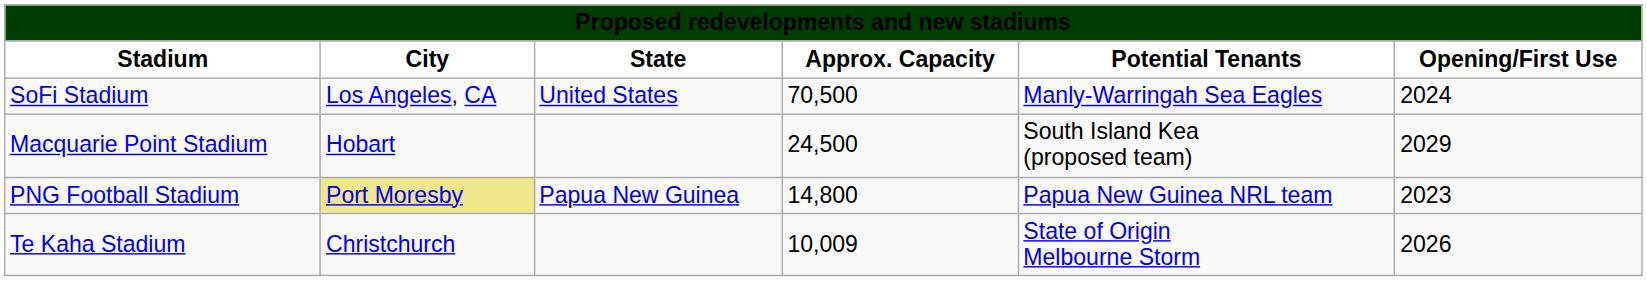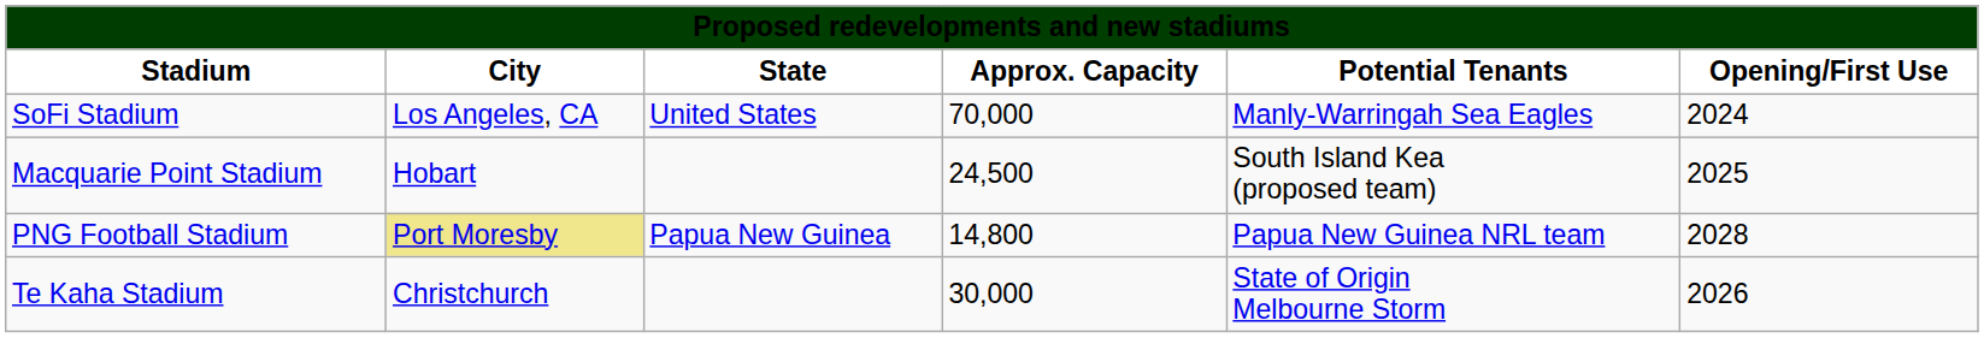 <table class="wikitable" style="width: 90%">
 <tr>
 <td bgcolor=#003D01 align="center" colspan="7"><strong><span>Proposed redevelopments and new stadiums</span></strong></td>
 </tr>
 <tr>
 <th style="background:white">Stadium</th>
 <th style="background:white">City</th>
 <th style="background:white">State</th>
 <th style="background:white">Approx. Capacity</th>
 <th style="background:white">Potential Tenants</th>
 <th style="background:white">Opening/First Use</th>
 </tr>
 <tr>
 <td><a href='#'>SoFi Stadium</a></td>
 <td><a href='#'>Los Angeles</a>, <a href='#'>CA</a></td>
 <td> <a href='#'>United States</a></td>
-<td>70,500</td>
+<td>70,000</td>
 <td> <a href='#'>Manly-Warringah Sea Eagles</a></td>
 <td>2024</td>
 </tr>
 <tr>
 <td><a href='#'>Macquarie Point Stadium</a></td>
 <td><a href='#'>Hobart</a></td>
 <td></td>
 <td>24,500</td>
 <td> South Island Kea<br>(proposed team)</td>
-<td>2029</td>
+<td>2025</td>
 </tr>
 <tr>
 <td><a href='#'>PNG Football Stadium</a></td>
 <td style="background: khaki;"><a href='#'>Port Moresby</a></td>
 <td> <a href='#'>Papua New Guinea</a></td>
 <td>14,800</td>
 <td> <a href='#'>Papua New Guinea NRL team</a></td>
-<td>2023</td>
+<td>2028</td>
 </tr>
 <tr>
 <td><a href='#'>Te Kaha Stadium</a></td>
 <td><a href='#'>Christchurch</a></td>
 <td></td>
-<td>10,009</td>
+<td>30,000</td>
 <td><a href='#'>State of Origin</a><br> <a href='#'>Melbourne Storm</a></td>
 <td>2026</td>
 </tr>
 </table>
